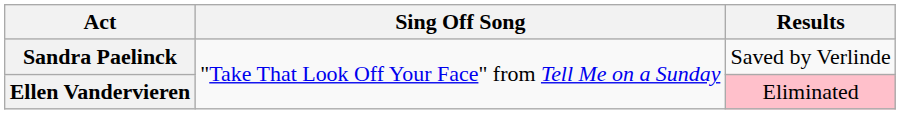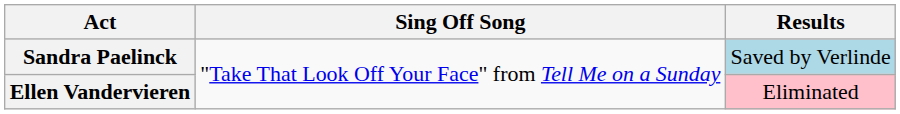 <table class="wikitable plainrowheaders" style="text-align:center;">
 <tr>
 <th scope="col">Act</th>
 <th scope="col">Sing Off Song</th>
 <th scope="col">Results</th>
 </tr>
 <tr>
 <th scope="row">Sandra Paelinck</th>
 <td rowspan="2">"<a href='#'>Take That Look Off Your Face</a>" from <em><a href='#'>Tell Me on a Sunday</a></em></td>
-<td>Saved by Verlinde</td>
+<td style="background: lightblue;">Saved by Verlinde</td>
 </tr>
 <tr>
 <th scope="row">Ellen Vandervieren</th>
 <td style="background:pink;">Eliminated</td>
 </tr>
 </table>
